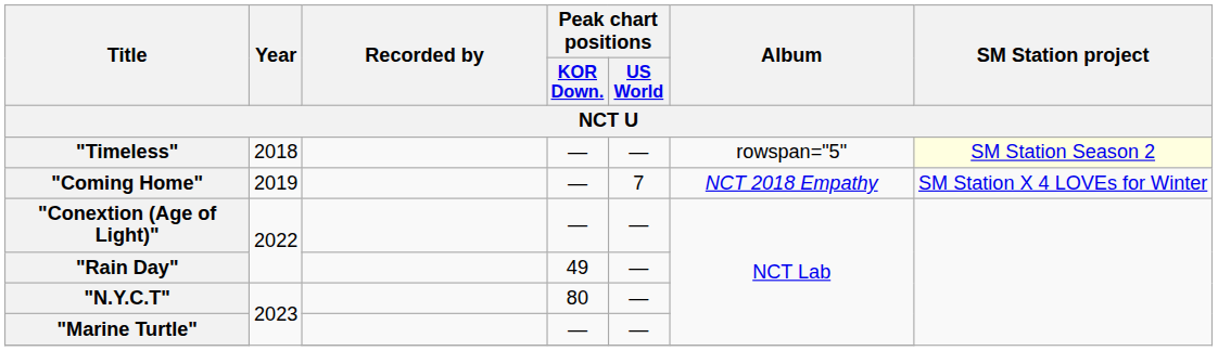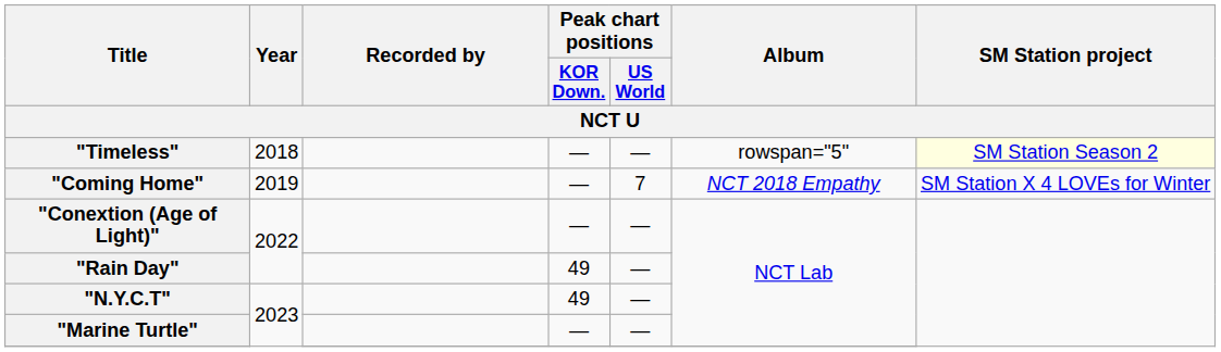 <table class="wikitable plainrowheaders" style="text-align:center;">
 <tr>
 <th rowspan="2" scope="col" style="width:12em;">Title</th>
 <th rowspan="2" scope="col">Year</th>
 <th rowspan="2" scope="col" style="width:12em;">Recorded by</th>
 <th colspan="2">Peak chart positions</th>
 <th rowspan="2" scope="col" style="width:12em;">Album</th>
 <th rowspan="2" scope="col">SM Station project</th>
 </tr>
 <tr>
 <th scope="col" style="width:3em;font-size:90%;"><a href='#'>KOR<br>Down.</a><br></th>
 <th scope="col" style="width:3em;font-size:90%;"><a href='#'>US<br>World</a><br></th>
 </tr>
 <tr>
 <th colspan="7">NCT U</th>
 </tr>
 <tr>
 <th scope="row">"Timeless"</th>
 <td>2018</td>
 <td style="text-align:left"></td>
 <td>—</td>
 <td>—</td>
 <td>rowspan="5" </td>
 <td style="background: lightyellow;"><a href='#'>SM Station Season 2</a></td>
 </tr>
 <tr>
 <th scope="row">"Coming Home"</th>
 <td>2019</td>
 <td style="text-align:left"></td>
 <td>—</td>
 <td>7</td>
 <td><em><a href='#'>NCT 2018 Empathy</a></em></td>
 <td><a href='#'>SM Station X 4 LOVEs for Winter</a></td>
 </tr>
 <tr>
 <th scope="row">"Conextion (Age of Light)"</th>
 <td rowspan="2">2022</td>
 <td align="left"></td>
 <td>—</td>
 <td>—</td>
 <td rowspan="4"><a href='#'>NCT Lab</a></td>
 </tr>
 <tr>
 <th scope="row">"Rain Day"</th>
 <td align="left"></td>
 <td>49</td>
 <td>—</td>
 </tr>
 <tr>
 <th scope="row">"N.Y.C.T"</th>
 <td rowspan="3">2023</td>
 <td align="left"></td>
-<td>80</td>
+<td>49</td>
 <td>—</td>
 </tr>
 <tr>
 <th scope="row">"Marine Turtle"</th>
 <td align="left"></td>
 <td>—</td>
 <td>—</td>
 </tr>
 <tr>
 </tr>
 </table>
